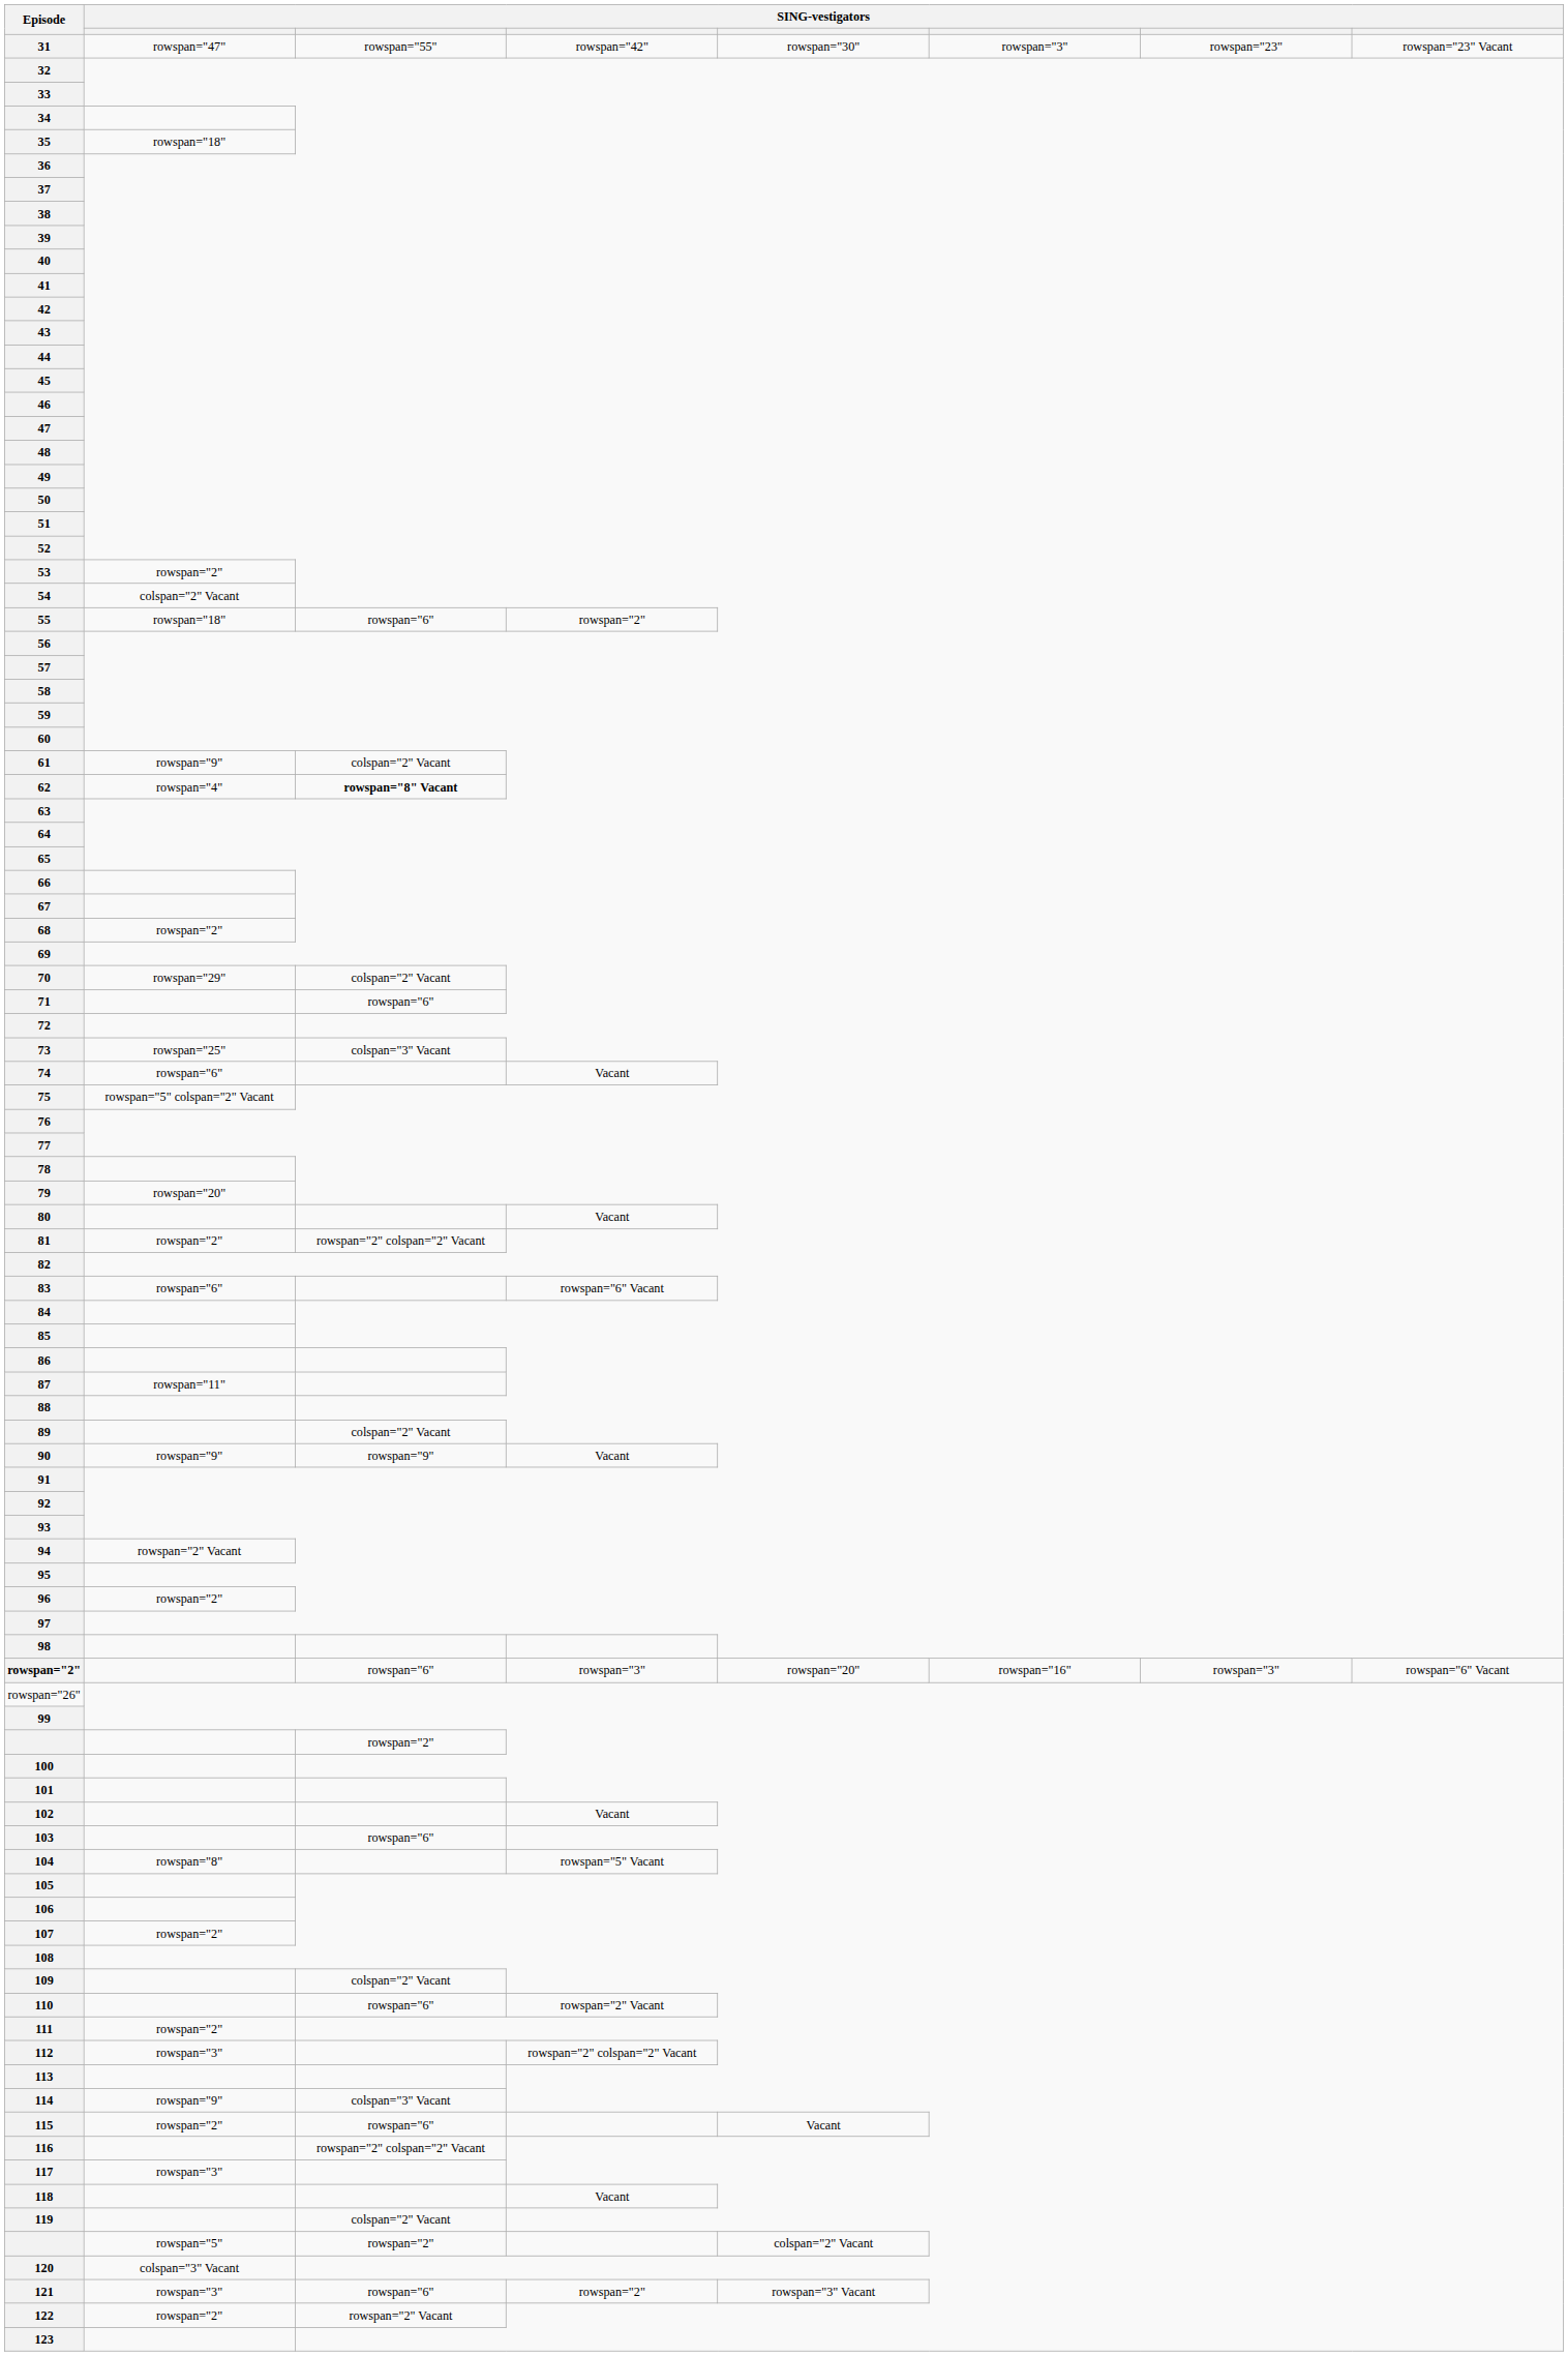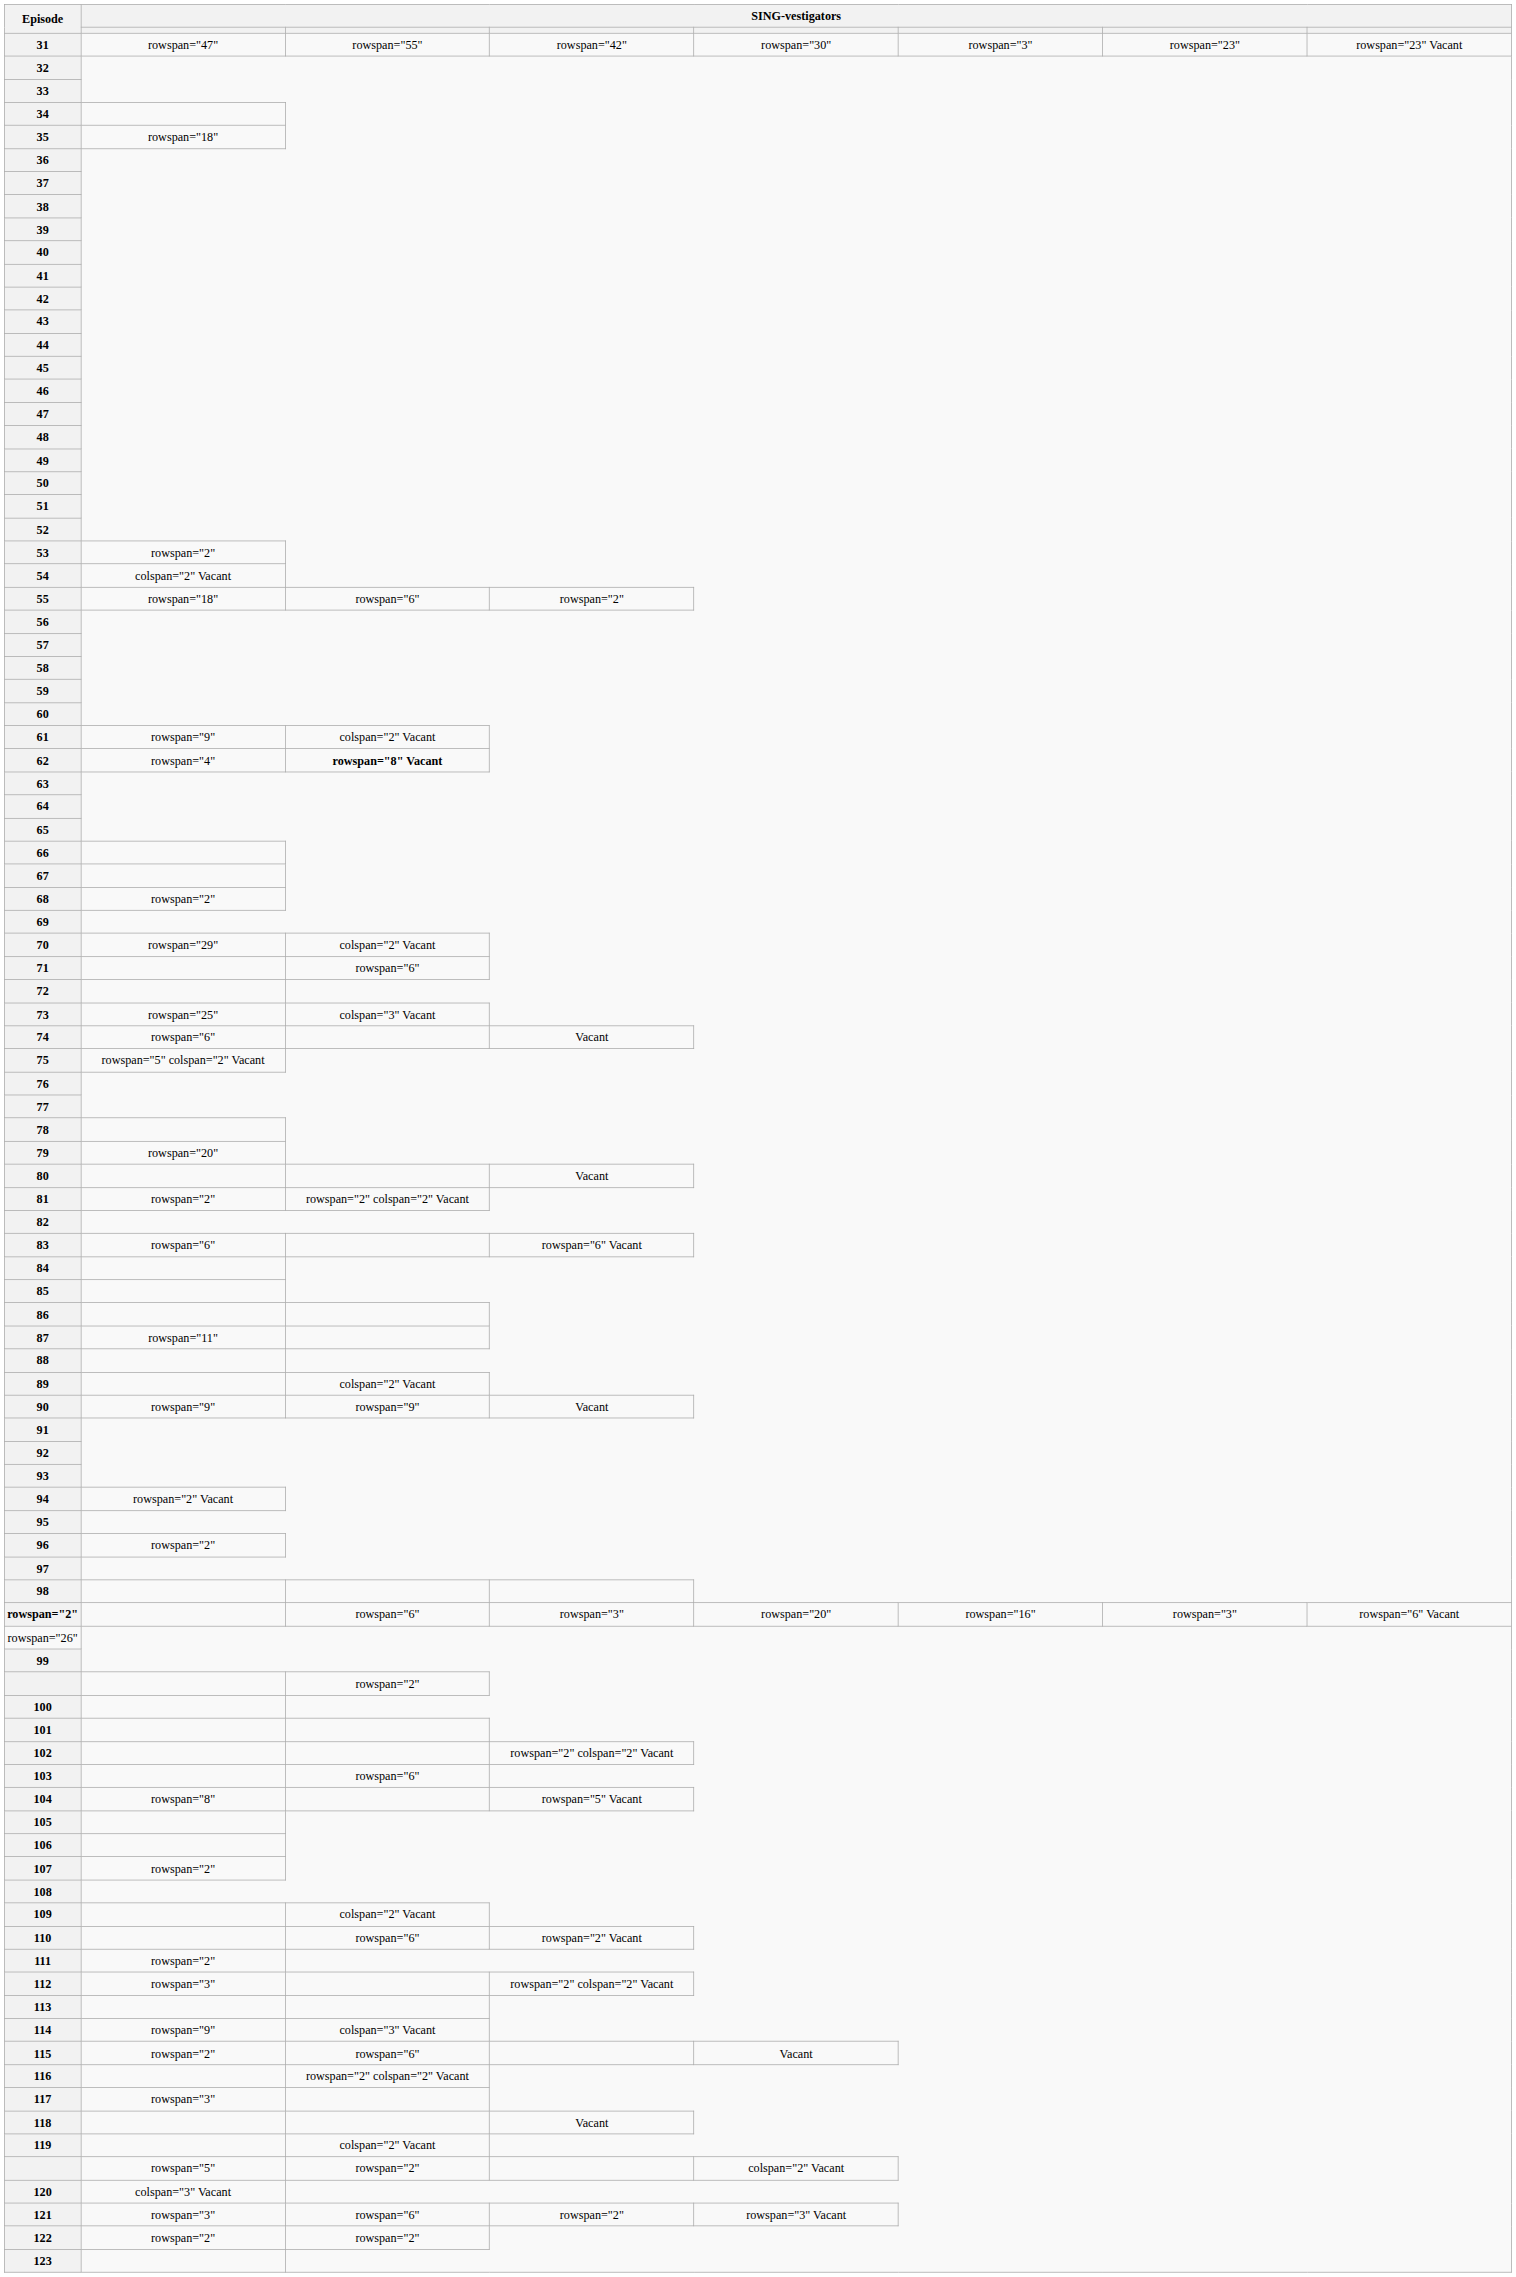 <table class="wikitable plainrowheaders mw-collapsible" style="text-align:center; line-height:23px; width:100%;">
 <tr>
 <th rowspan="2" width="1%">Episode</th>
 <th colspan="7">SING-vestigators</th>
 </tr>
 <tr>
 <th width="14%"></th>
 <th width="14%"></th>
 <th width="14%"></th>
 <th width="14%"></th>
 <th width="14%"></th>
 <th width="14%"></th>
 <th width="14%"></th>
 </tr>
 <tr>
 <th>31</th>
 <td>rowspan="47" </td>
 <td>rowspan="55" </td>
 <td>rowspan="42" </td>
 <td>rowspan="30" </td>
 <td>rowspan="3" </td>
 <td>rowspan="23" </td>
 <td>rowspan="23"  Vacant</td>
 </tr>
 <tr>
 <th>32</th>
 </tr>
 <tr>
 <th>33</th>
 </tr>
 <tr>
 <th>34</th>
 <td></td>
 </tr>
 <tr>
 <th>35</th>
 <td>rowspan="18" </td>
 </tr>
 <tr>
 <th>36</th>
 </tr>
 <tr>
 <th>37</th>
 </tr>
 <tr>
 <th>38</th>
 </tr>
 <tr>
 <th>39</th>
 </tr>
 <tr>
 <th>40</th>
 </tr>
 <tr>
 <th>41</th>
 </tr>
 <tr>
 <th>42</th>
 </tr>
 <tr>
 <th>43</th>
 </tr>
 <tr>
 <th>44</th>
 </tr>
 <tr>
 <th>45</th>
 </tr>
 <tr>
 <th>46</th>
 </tr>
 <tr>
 <th>47</th>
 </tr>
 <tr>
 <th>48</th>
 </tr>
 <tr>
 <th>49</th>
 </tr>
 <tr>
 <th>50</th>
 </tr>
 <tr>
 <th>51</th>
 </tr>
 <tr>
 <th>52</th>
 </tr>
 <tr>
 <th>53</th>
 <td>rowspan="2" </td>
 </tr>
 <tr>
 <th>54</th>
 <td>colspan="2"  Vacant</td>
 </tr>
 <tr>
 <th>55</th>
 <td>rowspan="18" </td>
 <td>rowspan="6" </td>
 <td>rowspan="2" </td>
 </tr>
 <tr>
 <th>56</th>
 </tr>
 <tr>
 <th>57</th>
 </tr>
 <tr>
 <th>58</th>
 </tr>
 <tr>
 <th>59</th>
 </tr>
 <tr>
 <th>60</th>
 </tr>
 <tr>
 <th>61</th>
 <td>rowspan="9" </td>
 <td>colspan="2"  Vacant</td>
 </tr>
 <tr>
 <th>62</th>
 <td>rowspan="4" </td>
 <td><strong>rowspan="8"  Vacant</strong></td>
 </tr>
 <tr>
 <th>63</th>
 </tr>
 <tr>
 <th>64</th>
 </tr>
 <tr>
 <th>65</th>
 </tr>
 <tr>
 <th>66</th>
 <td></td>
 </tr>
 <tr>
 <th>67</th>
 <td></td>
 </tr>
 <tr>
 <th>68</th>
 <td>rowspan="2" </td>
 </tr>
 <tr>
 <th>69</th>
 </tr>
 <tr>
 <th>70</th>
 <td>rowspan="29" </td>
 <td>colspan="2"  Vacant</td>
 </tr>
 <tr>
 <th>71</th>
 <td></td>
 <td>rowspan="6" </td>
 </tr>
 <tr>
 <th>72</th>
 <td></td>
 </tr>
 <tr>
 <th>73</th>
 <td>rowspan="25" </td>
 <td>colspan="3"  Vacant</td>
 </tr>
 <tr>
 <th>74</th>
 <td>rowspan="6" </td>
 <td></td>
 <td> Vacant</td>
 </tr>
 <tr>
 <th>75</th>
 <td>rowspan="5" colspan="2"  Vacant</td>
 </tr>
 <tr>
 <th>76</th>
 </tr>
 <tr>
 <th>77</th>
 </tr>
 <tr>
 <th>78</th>
 <td></td>
 </tr>
 <tr>
 <th>79</th>
 <td>rowspan="20" </td>
 </tr>
 <tr>
 <th>80</th>
 <td></td>
 <td></td>
 <td> Vacant</td>
 </tr>
 <tr>
 <th>81</th>
 <td>rowspan="2" </td>
 <td>rowspan="2" colspan="2"  Vacant</td>
 </tr>
 <tr>
 <th>82</th>
 </tr>
 <tr>
 <th>83</th>
 <td>rowspan="6" </td>
 <td></td>
 <td>rowspan="6"  Vacant</td>
 </tr>
 <tr>
 <th>84</th>
 <td></td>
 </tr>
 <tr>
 <th>85</th>
 <td></td>
 </tr>
 <tr>
 <th>86</th>
 <td></td>
 <td></td>
 </tr>
 <tr>
 <th>87</th>
 <td>rowspan="11" </td>
 <td></td>
 </tr>
 <tr>
 <th>88</th>
 <td></td>
 </tr>
 <tr>
 <th>89</th>
 <td></td>
 <td>colspan="2"  Vacant</td>
 </tr>
 <tr>
 <th>90</th>
 <td>rowspan="9" </td>
 <td>rowspan="9" </td>
 <td> Vacant</td>
 </tr>
 <tr>
 <th>91</th>
 </tr>
 <tr>
 <th>92</th>
 </tr>
 <tr>
 <th>93</th>
 </tr>
 <tr>
 <th>94</th>
 <td>rowspan="2"  Vacant</td>
 </tr>
 <tr>
 <th>95</th>
 </tr>
 <tr>
 <th>96</th>
 <td>rowspan="2" </td>
 </tr>
 <tr>
 <th>97</th>
 </tr>
 <tr>
 <th>98</th>
 <td></td>
 <td></td>
 <td></td>
 </tr>
 <tr>
 <th>rowspan="2" </th>
 <td></td>
 <td>rowspan="6" </td>
 <td>rowspan="3" </td>
 <td>rowspan="20" </td>
 <td>rowspan="16" </td>
 <td>rowspan="3" </td>
 <td>rowspan="6"  Vacant</td>
 </tr>
 <tr>
 <td>rowspan="26" </td>
 </tr>
 <tr>
 <th>99</th>
 </tr>
 <tr>
 <th></th>
 <td></td>
 <td>rowspan="2" </td>
 </tr>
 <tr>
 <th>100</th>
 <td></td>
 </tr>
 <tr>
 <th>101</th>
 <td></td>
 <td></td>
 </tr>
 <tr>
 <th>102</th>
 <td></td>
 <td></td>
-<td> Vacant</td>
+<td>rowspan="2" colspan="2"  Vacant</td>
 </tr>
 <tr>
 <th>103</th>
 <td></td>
 <td>rowspan="6" </td>
 </tr>
 <tr>
 <th>104</th>
 <td>rowspan="8" </td>
 <td></td>
 <td>rowspan="5"  Vacant</td>
 </tr>
 <tr>
 <th>105</th>
 <td></td>
 </tr>
 <tr>
 <th>106</th>
 <td></td>
 </tr>
 <tr>
 <th>107</th>
 <td>rowspan="2" </td>
 </tr>
 <tr>
 <th>108</th>
 </tr>
 <tr>
 <th>109</th>
 <td></td>
 <td>colspan="2"  Vacant</td>
 </tr>
 <tr>
 <th>110</th>
 <td></td>
 <td>rowspan="6" </td>
 <td>rowspan="2"  Vacant</td>
 </tr>
 <tr>
 <th>111</th>
 <td>rowspan="2" </td>
 </tr>
 <tr>
 <th>112</th>
 <td>rowspan="3" </td>
 <td></td>
 <td>rowspan="2" colspan="2"  Vacant</td>
 </tr>
 <tr>
 <th>113</th>
 <td></td>
 <td></td>
 </tr>
 <tr>
 <th>114</th>
 <td>rowspan="9" </td>
 <td>colspan="3"  Vacant</td>
 </tr>
 <tr>
 <th>115</th>
 <td>rowspan="2" </td>
 <td>rowspan="6" </td>
 <td></td>
 <td> Vacant</td>
 </tr>
 <tr>
 <th>116</th>
 <td></td>
 <td>rowspan="2" colspan="2"  Vacant</td>
 </tr>
 <tr>
 <th>117</th>
 <td>rowspan="3" </td>
 <td></td>
 </tr>
 <tr>
 <th>118</th>
 <td></td>
 <td></td>
 <td> Vacant</td>
 </tr>
 <tr>
 <th>119</th>
 <td></td>
 <td>colspan="2"  Vacant</td>
 </tr>
 <tr>
 <th></th>
 <td>rowspan="5" </td>
 <td>rowspan="2" </td>
 <td></td>
 <td>colspan="2"  Vacant</td>
 </tr>
 <tr>
 <th>120</th>
 <td>colspan="3"  Vacant</td>
 </tr>
 <tr>
 <th>121</th>
 <td>rowspan="3"</td>
 <td>rowspan="6" </td>
 <td>rowspan="2" </td>
 <td>rowspan="3"  Vacant</td>
 </tr>
 <tr>
 <th>122</th>
 <td>rowspan="2"</td>
-<td>rowspan="2"  Vacant</td>
+<td>rowspan="2"</td>
 </tr>
 <tr>
 <th>123</th>
 <td></td>
 </tr>
 </table>
